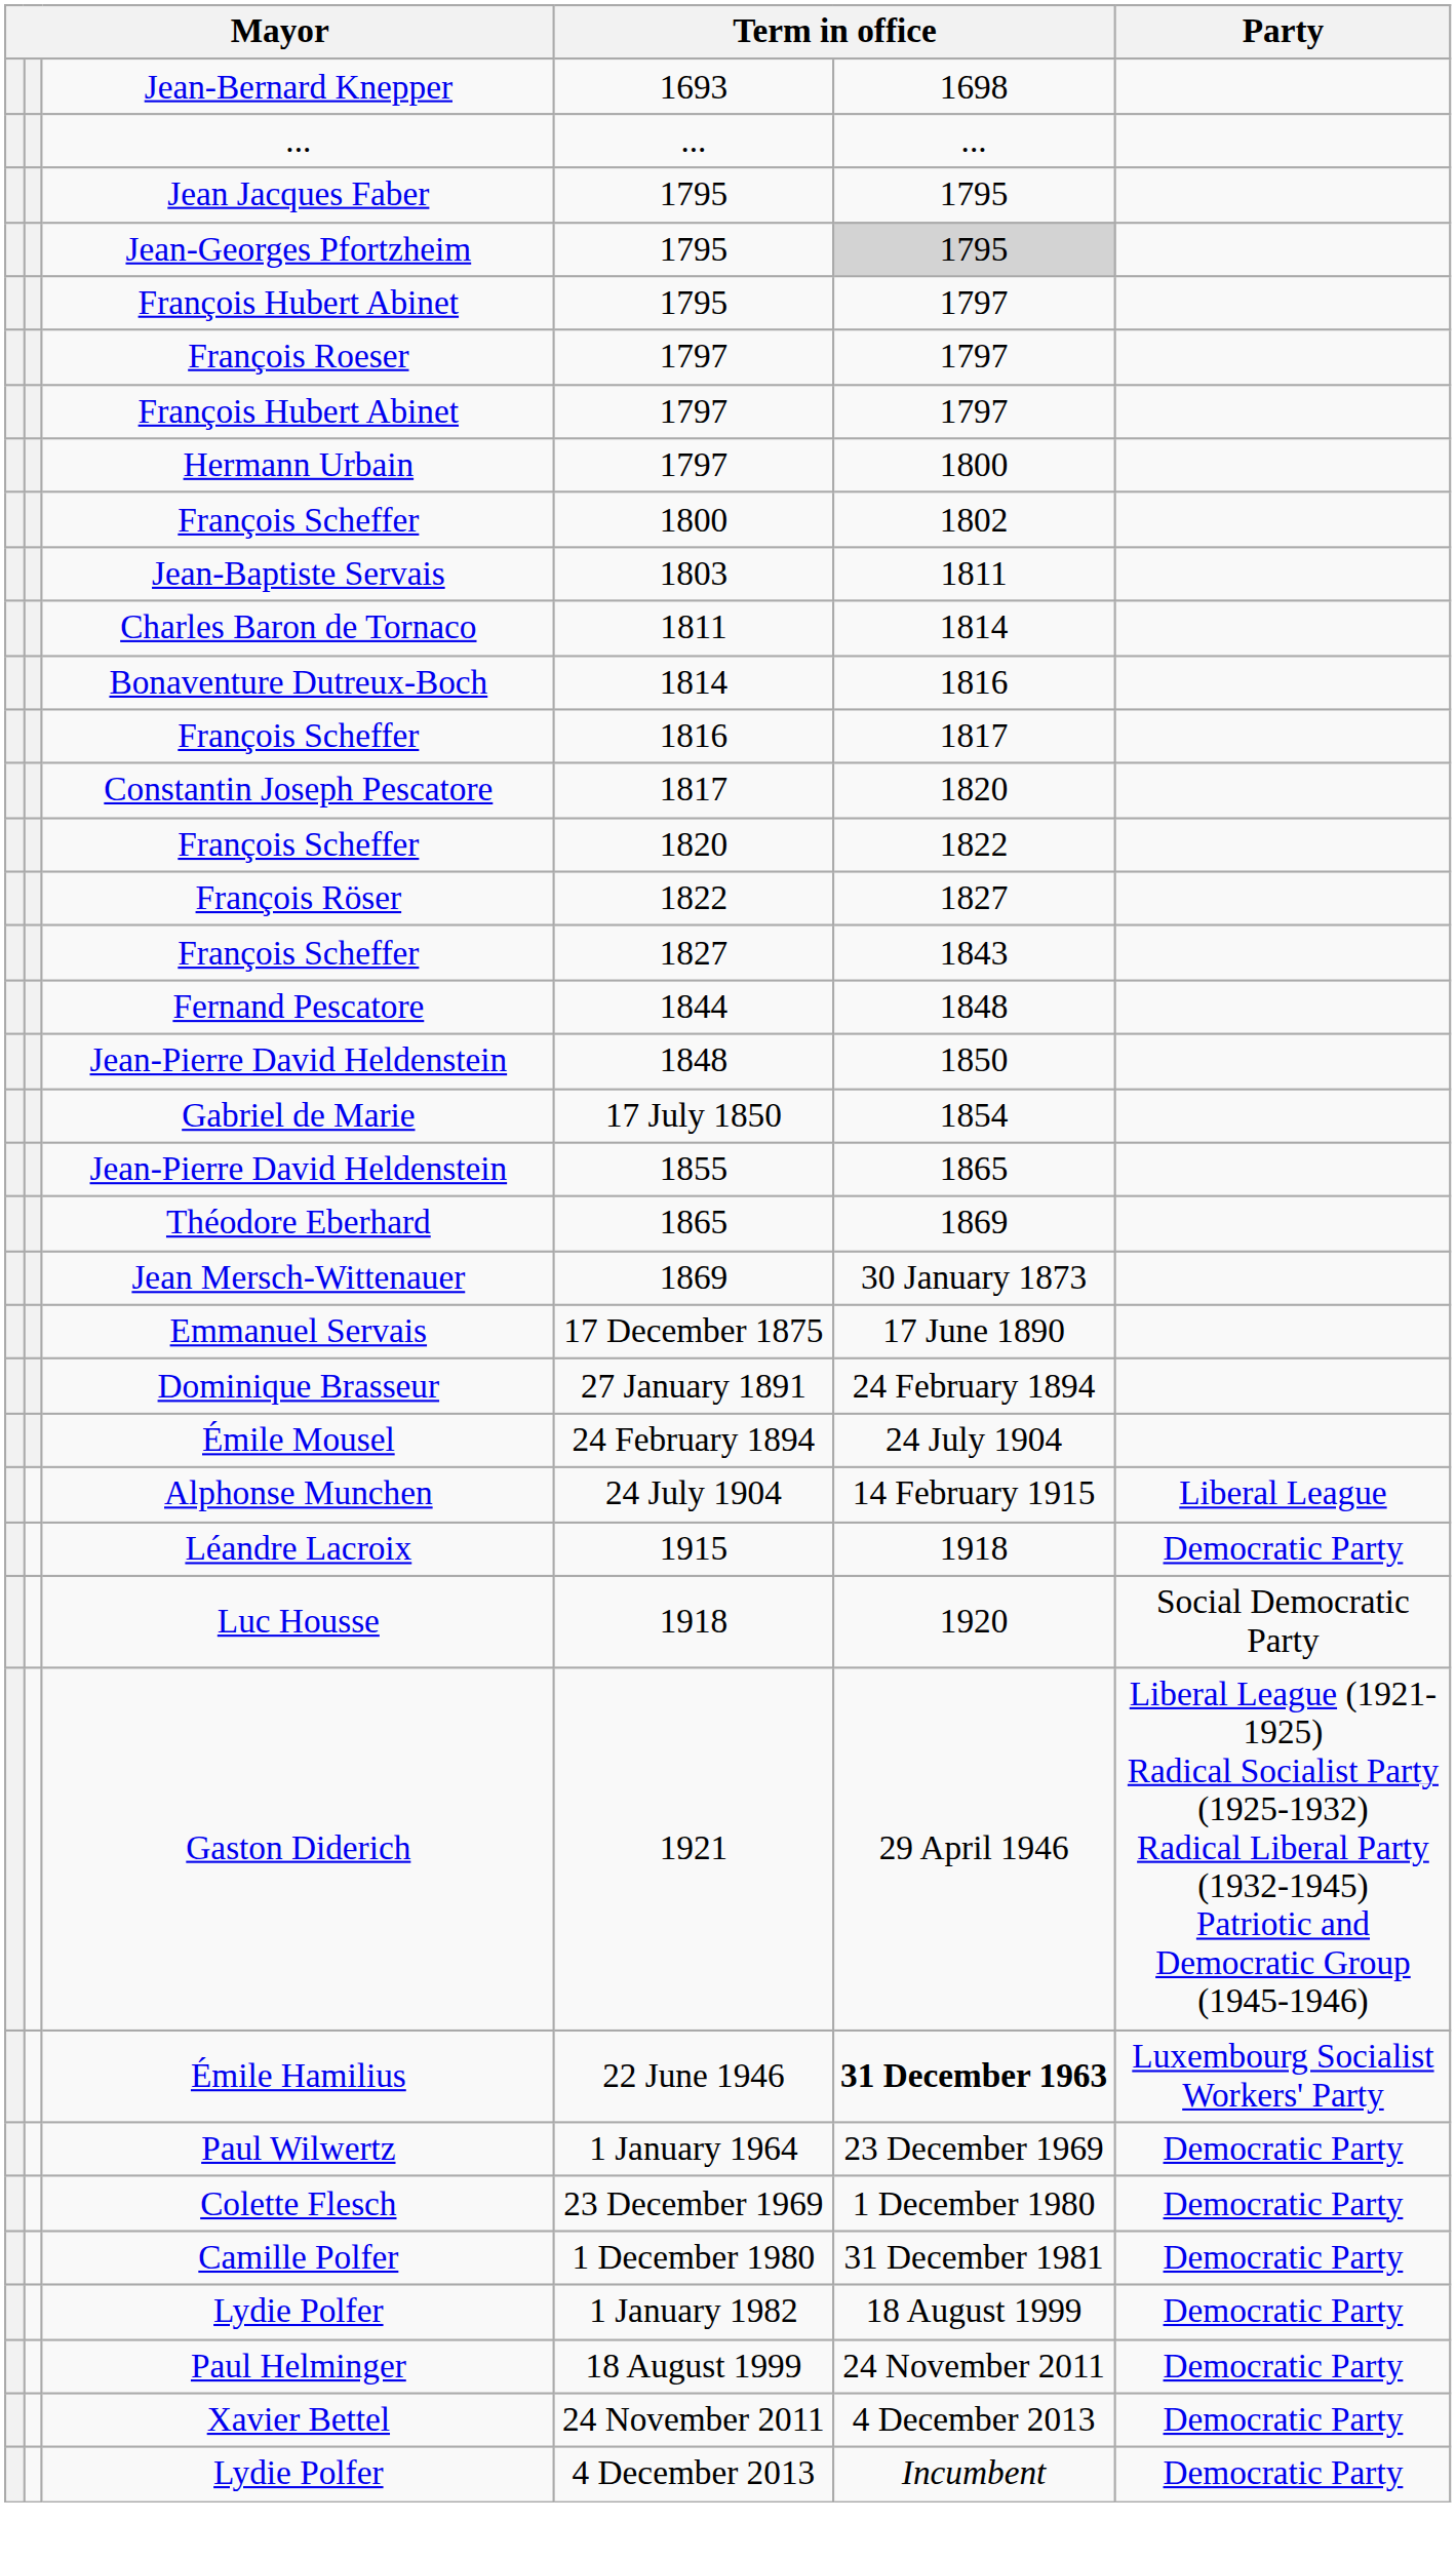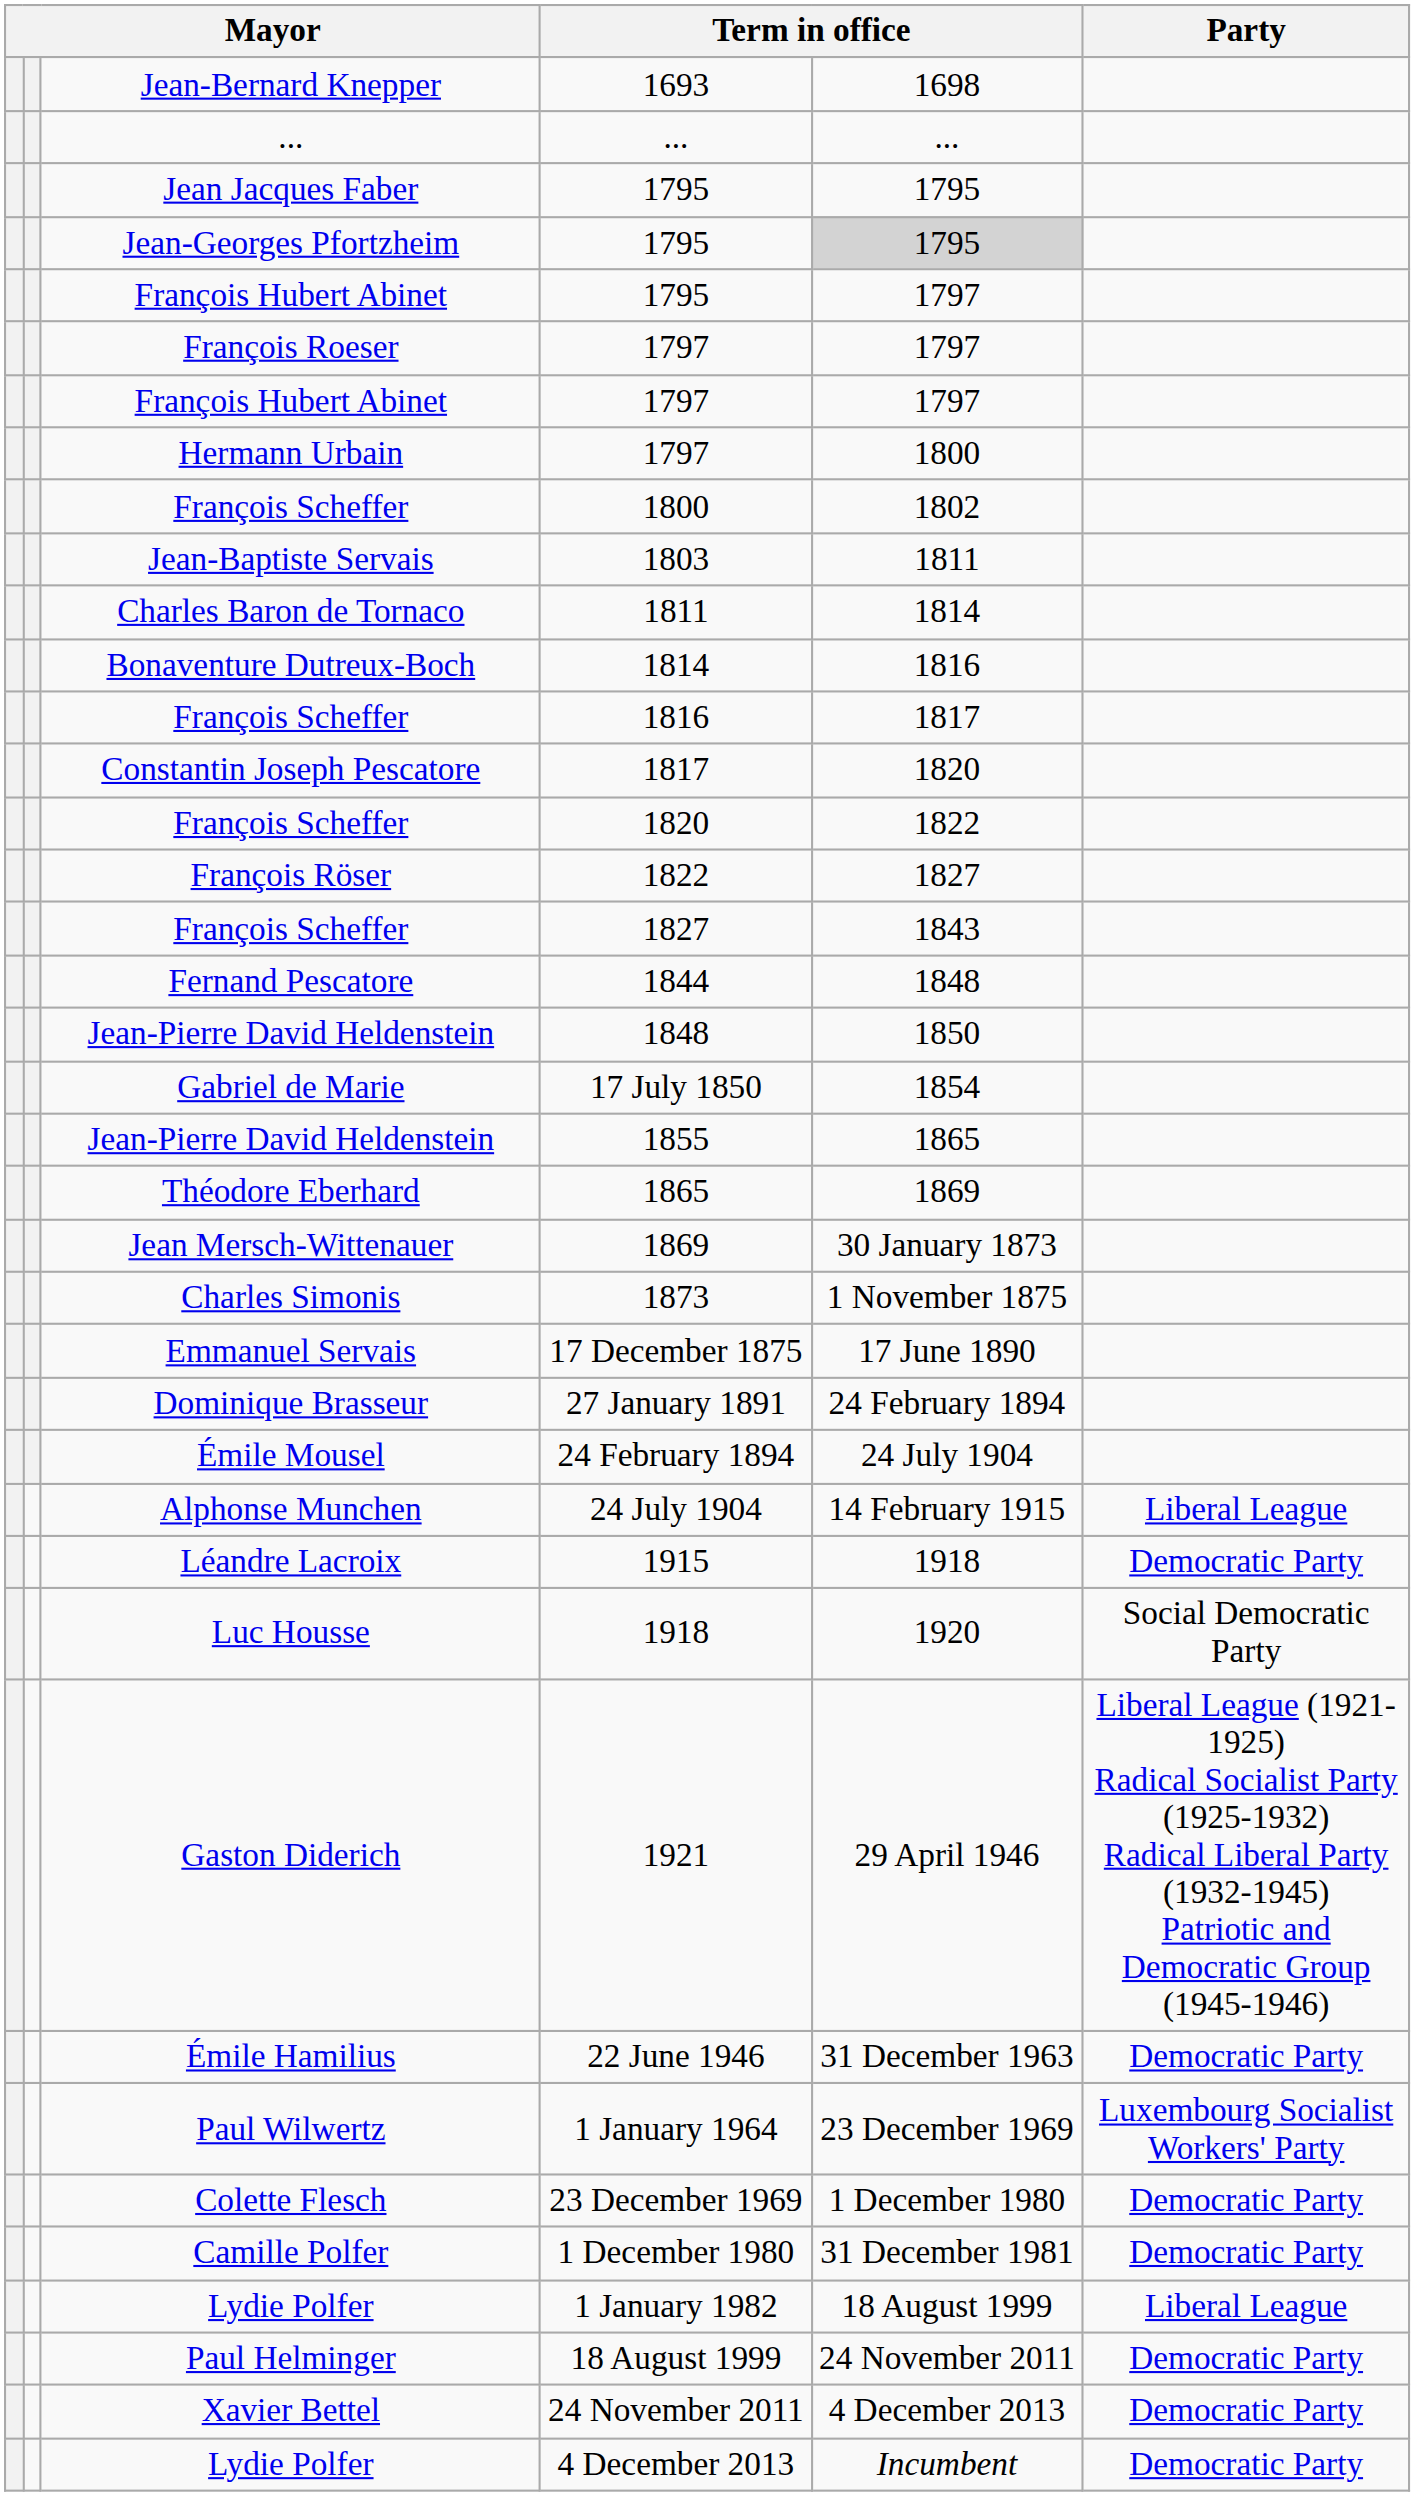 <table class="wikitable" style="text-align:center">
 <tr>
 <th colspan="3" width="250px">Mayor</th>
 <th colspan="2" width="125px">Term in office</th>
 <th width="150px">Party</th>
 </tr>
 <tr>
 <th></th>
 <th></th>
 <td><a href='#'>Jean-Bernard Knepper</a></td>
 <td>1693</td>
 <td>1698</td>
 <td></td>
 </tr>
 <tr>
 <th></th>
 <th></th>
 <td>...</td>
 <td>...</td>
 <td>...</td>
 <td></td>
 </tr>
 <tr>
 <th></th>
 <th></th>
 <td><a href='#'>Jean Jacques Faber</a></td>
 <td>1795</td>
 <td>1795</td>
 <td></td>
 </tr>
 <tr>
 <th></th>
 <th></th>
 <td><a href='#'>Jean-Georges Pfortzheim</a></td>
 <td>1795</td>
 <td style="background: lightgrey;">1795</td>
 <td></td>
 </tr>
 <tr>
 <th></th>
 <th></th>
 <td><a href='#'>François Hubert Abinet</a></td>
 <td>1795</td>
 <td>1797</td>
 <td></td>
 </tr>
 <tr>
 <th></th>
 <th></th>
 <td><a href='#'>François Roeser</a></td>
 <td>1797</td>
 <td>1797</td>
 <td></td>
 </tr>
 <tr>
 <th></th>
 <th></th>
 <td><a href='#'>François Hubert Abinet</a></td>
 <td>1797</td>
 <td>1797</td>
 <td></td>
 </tr>
 <tr>
 <th></th>
 <th></th>
 <td><a href='#'>Hermann Urbain</a></td>
 <td>1797</td>
 <td>1800</td>
 <td></td>
 </tr>
 <tr>
 <th></th>
 <th></th>
 <td><a href='#'>François Scheffer</a></td>
 <td>1800</td>
 <td>1802</td>
 <td></td>
 </tr>
 <tr>
 <th></th>
 <th></th>
 <td><a href='#'>Jean-Baptiste Servais</a></td>
 <td>1803</td>
 <td>1811</td>
 <td></td>
 </tr>
 <tr>
 <th></th>
 <th></th>
 <td><a href='#'>Charles Baron de Tornaco</a></td>
 <td>1811</td>
 <td>1814</td>
 <td></td>
 </tr>
 <tr>
 <th></th>
 <th></th>
 <td><a href='#'>Bonaventure Dutreux-Boch</a></td>
 <td>1814</td>
 <td>1816</td>
 <td></td>
 </tr>
 <tr>
 <th></th>
 <th></th>
 <td><a href='#'>François Scheffer</a></td>
 <td>1816</td>
 <td>1817</td>
 <td></td>
 </tr>
 <tr>
 <th></th>
 <th></th>
 <td><a href='#'>Constantin Joseph Pescatore</a></td>
 <td>1817</td>
 <td>1820</td>
 <td></td>
 </tr>
 <tr>
 <th></th>
 <th></th>
 <td><a href='#'>François Scheffer</a></td>
 <td>1820</td>
 <td>1822</td>
 <td></td>
 </tr>
 <tr>
 <th></th>
 <th></th>
 <td><a href='#'>François Röser</a></td>
 <td>1822</td>
 <td>1827</td>
 <td></td>
 </tr>
 <tr>
 <th></th>
 <th></th>
 <td><a href='#'>François Scheffer</a></td>
 <td>1827</td>
 <td>1843</td>
 <td></td>
 </tr>
 <tr>
 <th></th>
 <th></th>
 <td><a href='#'>Fernand Pescatore</a></td>
 <td>1844</td>
 <td>1848</td>
 <td></td>
 </tr>
 <tr>
 <th></th>
 <th></th>
 <td><a href='#'>Jean-Pierre David Heldenstein</a></td>
 <td>1848</td>
 <td>1850</td>
 <td></td>
 </tr>
 <tr>
 <th></th>
 <th></th>
 <td><a href='#'>Gabriel de Marie</a></td>
 <td>17 July 1850</td>
 <td>1854</td>
 <td></td>
 </tr>
 <tr>
 <th></th>
 <th></th>
 <td><a href='#'>Jean-Pierre David Heldenstein</a></td>
 <td>1855</td>
 <td>1865</td>
 <td></td>
 </tr>
 <tr>
 <th></th>
 <th></th>
 <td><a href='#'>Théodore Eberhard</a></td>
 <td>1865</td>
 <td>1869</td>
 <td></td>
 </tr>
 <tr>
 <th></th>
 <th></th>
 <td><a href='#'>Jean Mersch-Wittenauer</a></td>
 <td>1869</td>
 <td>30 January 1873</td>
 <td></td>
 </tr>
 <tr>
 <th></th>
 <th></th>
+<td><a href='#'>Charles Simonis</a></td>
+<td>1873</td>
+<td>1 November 1875</td>
+<td></td>
+</tr>
+<tr>
+<th></th>
+<th></th>
 <td><a href='#'>Emmanuel Servais</a></td>
 <td>17 December 1875</td>
 <td>17 June 1890</td>
 <td></td>
 </tr>
 <tr>
 <th></th>
 <th></th>
 <td><a href='#'>Dominique Brasseur</a></td>
 <td>27 January 1891</td>
 <td>24 February 1894</td>
 <td></td>
 </tr>
 <tr>
 <th></th>
 <th></th>
 <td><a href='#'>Émile Mousel</a></td>
 <td>24 February 1894</td>
 <td>24 July 1904</td>
 <td></td>
 </tr>
 <tr>
 <th style="background-color: "></th>
 <td></td>
 <td><a href='#'>Alphonse Munchen</a></td>
 <td>24 July 1904</td>
 <td>14 February 1915</td>
 <td><a href='#'>Liberal League</a></td>
 </tr>
 <tr>
 <th style="background-color: "></th>
 <td></td>
 <td><a href='#'>Léandre Lacroix</a></td>
 <td>1915</td>
 <td>1918</td>
 <td><a href='#'>Democratic Party</a></td>
 </tr>
 <tr>
 <th style="background-color: "></th>
 <td></td>
 <td><a href='#'>Luc Housse</a></td>
 <td>1918</td>
 <td>1920</td>
 <td>Social Democratic Party</td>
 </tr>
 <tr>
 <th style="background-color: "></th>
 <td></td>
 <td><a href='#'>Gaston Diderich</a></td>
 <td>1921</td>
 <td>29 April 1946</td>
 <td><a href='#'>Liberal League</a> (1921-1925)<br><a href='#'>Radical Socialist Party</a> (1925-1932)<br><a href='#'>Radical Liberal Party</a> (1932-1945)<br><a href='#'>Patriotic and Democratic Group</a> (1945-1946)</td>
 </tr>
 <tr>
 <th style="background-color: "></th>
 <td></td>
 <td><a href='#'>Émile Hamilius</a></td>
 <td>22 June 1946</td>
-<td><strong>31 December 1963</strong></td>
-<td><a href='#'>Luxembourg Socialist Workers' Party</a></td>
+<td>31 December 1963</td>
+<td><a href='#'>Democratic Party</a></td>
 </tr>
 <tr>
 <th style="background-color: "></th>
 <td></td>
 <td><a href='#'>Paul Wilwertz</a></td>
 <td>1 January 1964</td>
 <td>23 December 1969</td>
-<td><a href='#'>Democratic Party</a></td>
+<td><a href='#'>Luxembourg Socialist Workers' Party</a></td>
 </tr>
 <tr>
 <th style="background-color: "></th>
 <td></td>
 <td><a href='#'>Colette Flesch</a></td>
 <td>23 December 1969</td>
 <td>1 December 1980</td>
 <td><a href='#'>Democratic Party</a></td>
 </tr>
 <tr>
 <th style="background-color: "></th>
 <td></td>
 <td><a href='#'>Camille Polfer</a></td>
 <td>1 December 1980</td>
 <td>31 December 1981</td>
 <td><a href='#'>Democratic Party</a></td>
 </tr>
 <tr>
 <th style="background-color: "></th>
 <td></td>
 <td><a href='#'>Lydie Polfer</a></td>
 <td>1 January 1982</td>
 <td>18 August 1999</td>
-<td><a href='#'>Democratic Party</a></td>
+<td><a href='#'>Liberal League</a></td>
 </tr>
 <tr>
 <th style="background-color: "></th>
 <td></td>
 <td><a href='#'>Paul Helminger</a></td>
 <td>18 August 1999</td>
 <td>24 November 2011</td>
 <td><a href='#'>Democratic Party</a></td>
 </tr>
 <tr>
 <th style="background-color: "></th>
 <td></td>
 <td><a href='#'>Xavier Bettel</a></td>
 <td>24 November 2011</td>
 <td>4 December 2013</td>
 <td><a href='#'>Democratic Party</a></td>
 </tr>
 <tr>
 <th style="background-color: "></th>
 <td></td>
 <td><a href='#'>Lydie Polfer</a></td>
 <td>4 December 2013</td>
 <td><em>Incumbent</em></td>
 <td><a href='#'>Democratic Party</a></td>
 </tr>
 </table>
